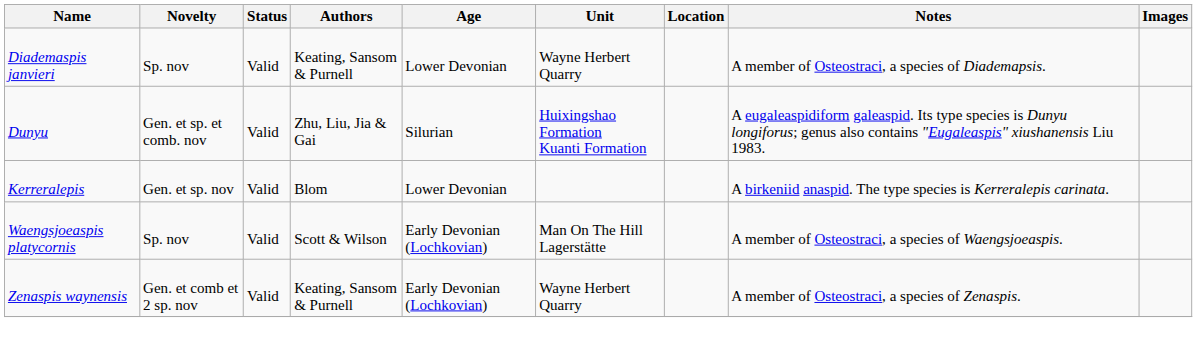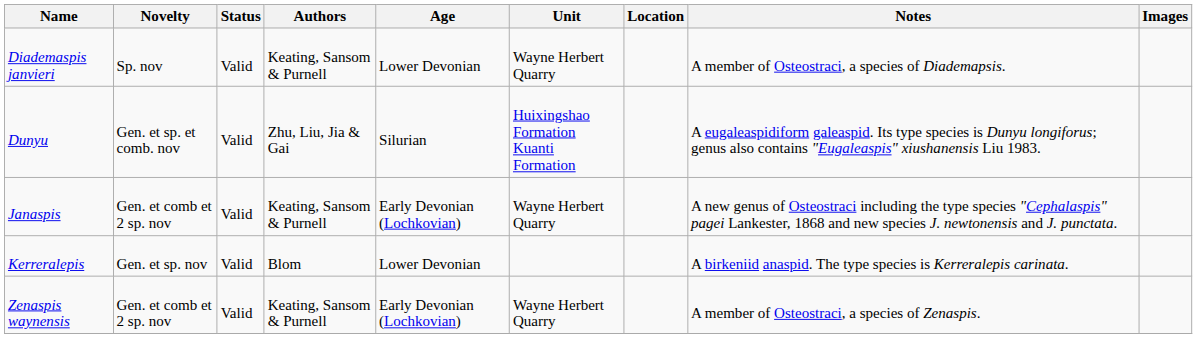 <table class="wikitable sortable" align="center" width="100%">
 <tr>
 <th>Name</th>
 <th>Novelty</th>
 <th>Status</th>
 <th>Authors</th>
 <th>Age</th>
 <th>Unit</th>
 <th>Location</th>
 <th>Notes</th>
 <th>Images</th>
 </tr>
 <tr>
 <td><br><em><a href='#'>Diademaspis janvieri</a></em></td>
 <td><br>Sp. nov</td>
 <td><br>Valid</td>
 <td><br>Keating, Sansom & Purnell</td>
 <td><br>Lower Devonian</td>
 <td><br>Wayne Herbert Quarry</td>
 <td><br></td>
 <td><br>A member of <a href='#'>Osteostraci</a>, a species of <em>Diademapsis</em>.</td>
 <td></td>
 </tr>
 <tr>
 <td><br><em><a href='#'>Dunyu</a></em></td>
 <td><br>Gen. et sp. et comb. nov</td>
 <td><br>Valid</td>
 <td><br>Zhu, Liu, Jia & Gai</td>
 <td><br>Silurian</td>
 <td><br><a href='#'>Huixingshao Formation</a><br> <a href='#'>Kuanti Formation</a></td>
 <td><br></td>
 <td><br>A <a href='#'>eugaleaspidiform</a> <a href='#'>galeaspid</a>. Its type species is <em>Dunyu longiforus</em>; genus also contains <em>"<a href='#'>Eugaleaspis</a>" xiushanensis</em> Liu 1983.</td>
 <td></td>
 </tr>
 <tr>
+<td><br><em><a href='#'>Janaspis</a></em></td>
+<td><br>Gen. et comb et 2 sp. nov</td>
+<td><br>Valid</td>
+<td><br>Keating, Sansom & Purnell</td>
+<td><br>Early Devonian (<a href='#'>Lochkovian</a>)</td>
+<td><br>Wayne Herbert Quarry</td>
+<td><br></td>
+<td><br>A new genus of <a href='#'>Osteostraci</a> including the type species <em>"<a href='#'>Cephalaspis</a>" pagei</em> Lankester, 1868 and new species <em>J. newtonensis</em> and <em>J. punctata</em>.</td>
+<td></td>
+</tr>
+<tr>
 <td><br><em><a href='#'>Kerreralepis</a></em></td>
 <td><br>Gen. et sp. nov</td>
 <td><br>Valid</td>
 <td><br>Blom</td>
 <td><br>Lower Devonian</td>
 <td></td>
 <td><br></td>
 <td><br>A <a href='#'>birkeniid</a> <a href='#'>anaspid</a>. The type species is <em>Kerreralepis carinata</em>.</td>
-<td></td>
-</tr>
-<tr>
-<td><br><em><a href='#'>Waengsjoeaspis platycornis</a></em></td>
-<td><br>Sp. nov</td>
-<td><br>Valid</td>
-<td><br>Scott & Wilson</td>
-<td><br>Early Devonian (<a href='#'>Lochkovian</a>)</td>
-<td><br>Man On The Hill Lagerstätte</td>
-<td><br></td>
-<td><br>A member of <a href='#'>Osteostraci</a>, a species of <em>Waengsjoeaspis</em>.</td>
 <td></td>
 </tr>
 <tr>
 <td><br><em><a href='#'>Zenaspis waynensis</a></em></td>
 <td><br>Gen. et comb et 2 sp. nov</td>
 <td><br>Valid</td>
 <td><br>Keating, Sansom & Purnell</td>
 <td><br>Early Devonian (<a href='#'>Lochkovian</a>)</td>
 <td><br>Wayne Herbert Quarry</td>
 <td><br></td>
 <td><br>A member of <a href='#'>Osteostraci</a>, a species of <em>Zenaspis</em>.</td>
 <td></td>
 </tr>
 <tr>
 </tr>
 </table>
